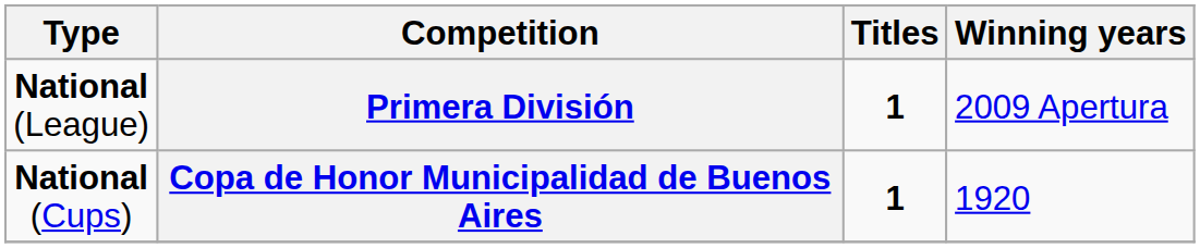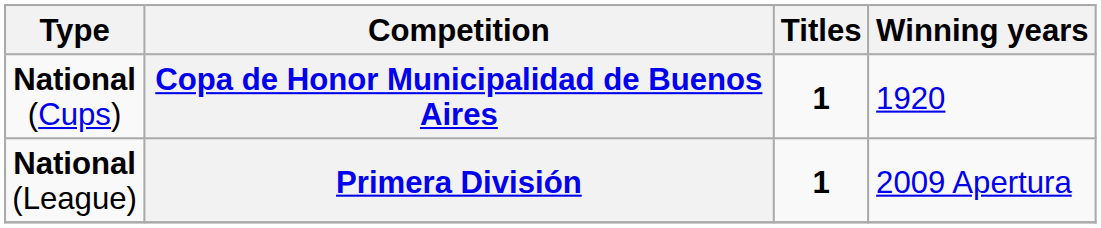 <table class="wikitable plainrowheaders" style="font-size:95%; text-align:center;">
 <tr>
 <th>Type</th>
 <th width=300px>Competition</th>
 <th>Titles</th>
 <th>Winning years</th>
 </tr>
 <tr>
+<td><strong>National</strong><br>(<a href='#'>Cups</a>)</td>
+<th scope="col"><a href='#'>Copa de Honor Municipalidad de Buenos Aires</a></th>
+<td><strong>1</strong></td>
+<td align="left"><a href='#'>1920</a></td>
+</tr>
+<tr>
 <td><strong>National</strong><br>(League)</td>
 <th scope=col><a href='#'>Primera División</a></th>
 <td><strong>1</strong></td>
 <td align="left"><a href='#'>2009 Apertura</a></td>
 </tr>
 <tr>
-<td><strong>National</strong><br>(<a href='#'>Cups</a>)</td>
-<th scope="col"><a href='#'>Copa de Honor Municipalidad de Buenos Aires</a></th>
-<td><strong>1</strong></td>
-<td align="left"><a href='#'>1920</a></td>
-</tr>
-<tr>
 </tr>
 </table>
